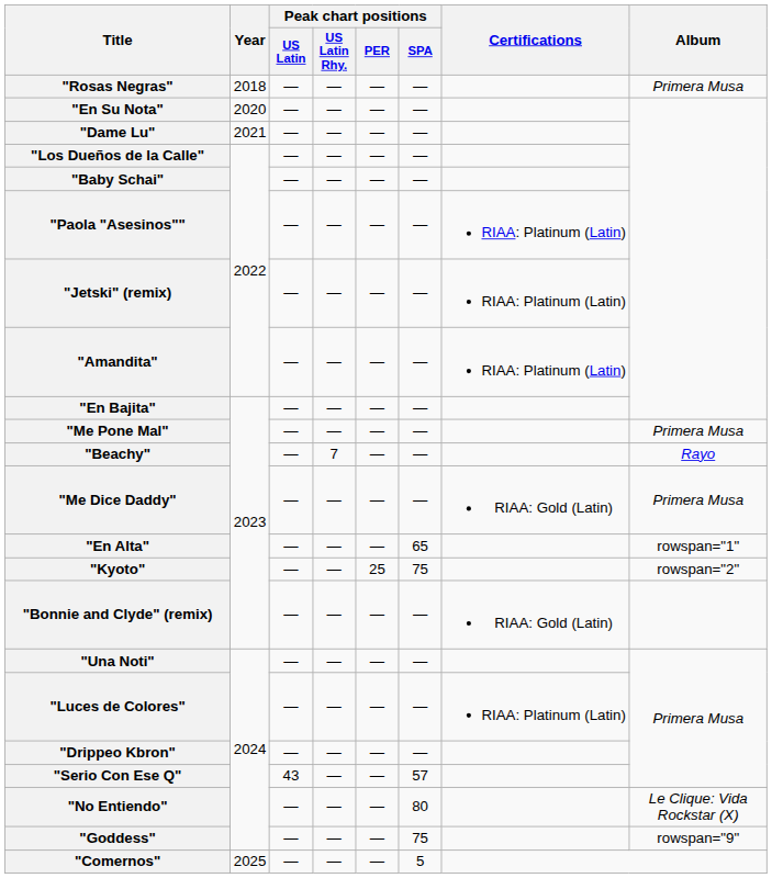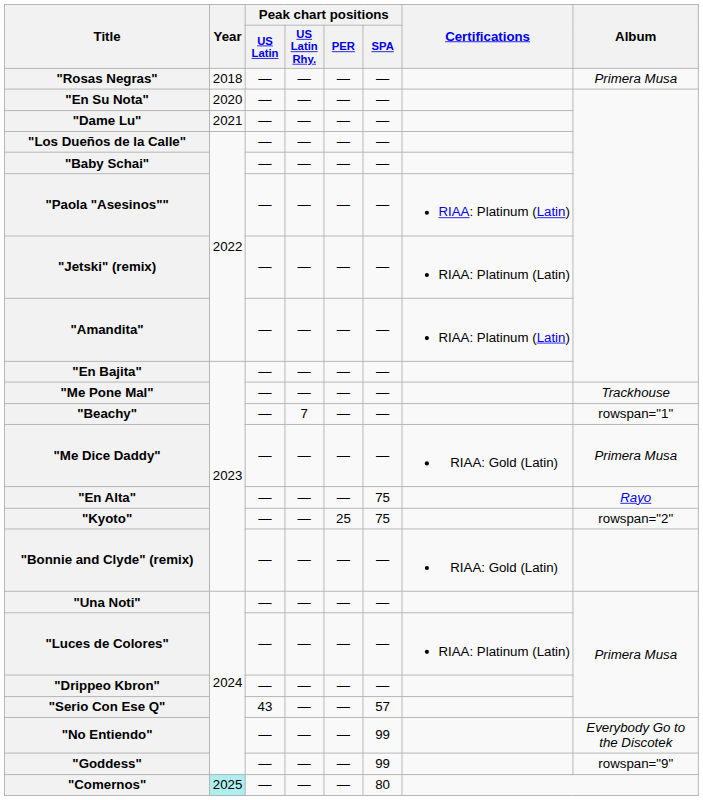 <table class="wikitable plainrowheaders" style="text-align:center;">
 <tr>
 <th scope="col" rowspan="2" style="width:15em;">Title</th>
 <th scope="col" rowspan="2" style="width:1em;">Year</th>
 <th colspan="4" scope="col">Peak chart positions</th>
 <th scope="col" rowspan="2"><a href='#'>Certifications</a></th>
 <th scope="col" rowspan="2" style="width:9em;">Album</th>
 </tr>
 <tr>
 <th scope="col" style="width:3em;font-size:85%;"><a href='#'>US<br>Latin</a><br></th>
 <th scope="col" style="width:3em;font-size:85%;"><a href='#'>US<br>Latin<br>Rhy.</a><br></th>
 <th scope="col" style="width:3em;font-size:85%;"><a href='#'>PER</a><br></th>
 <th scope="col" style="width:3em;font-size:85%;"><a href='#'>SPA</a><br></th>
 </tr>
 <tr>
 <th scope="row">"Rosas Negras"</th>
 <td rowspan="1">2018</td>
 <td>—</td>
 <td>—</td>
 <td>—</td>
 <td>—</td>
 <td></td>
 <td><em>Primera Musa</em></td>
 </tr>
 <tr>
 <th scope="row">"En Su Nota"<br></th>
 <td rowspan="1">2020</td>
 <td>—</td>
 <td>—</td>
 <td>—</td>
 <td>—</td>
 <td></td>
 </tr>
 <tr>
 <th scope="row">"Dame Lu"<br></th>
 <td rowspan="1">2021</td>
 <td>—</td>
 <td>—</td>
 <td>—</td>
 <td>—</td>
 <td></td>
 </tr>
 <tr>
 <th scope="row">"Los Dueños de la Calle"<br></th>
 <td rowspan="5">2022</td>
 <td>—</td>
 <td>—</td>
 <td>—</td>
 <td>—</td>
 <td></td>
 </tr>
 <tr>
 <th scope="row">"Baby Schai"<br></th>
 <td>—</td>
 <td>—</td>
 <td>—</td>
 <td>—</td>
 <td></td>
 </tr>
 <tr>
 <th scope="row">"Paola "Asesinos""</th>
 <td>—</td>
 <td>—</td>
 <td>—</td>
 <td>—</td>
 <td><br><ul><li><a href='#'>RIAA</a>: Platinum <span>(<a href='#'>Latin</a>)</span></li></ul></td>
 </tr>
 <tr>
 <th scope="row">"Jetski" (remix)<br></th>
 <td>—</td>
 <td>—</td>
 <td>—</td>
 <td>—</td>
 <td><br><ul><li>RIAA: Platinum <span>(Latin)</span></li></ul></td>
 </tr>
 <tr>
 <th scope="row">"Amandita"<br></th>
 <td>—</td>
 <td>—</td>
 <td>—</td>
 <td>—</td>
 <td><br><ul><li>RIAA: Platinum <span>(<a href='#'>Latin</a>)</span></li></ul></td>
 </tr>
 <tr>
 <th scope="row">"En Bajita"<br></th>
 <td rowspan="7">2023</td>
 <td>—</td>
 <td>—</td>
 <td>—</td>
 <td>—</td>
 <td></td>
 </tr>
 <tr>
 <th scope="row">"Me Pone Mal"<br></th>
 <td>—</td>
 <td>—</td>
 <td>—</td>
 <td>—</td>
 <td></td>
-<td><em>Primera Musa</em></td>
+<td><em>Trackhouse</em></td>
 </tr>
 <tr>
 <th scope="row">"Beachy"<br></th>
 <td>—</td>
 <td>7</td>
 <td>—</td>
 <td>—</td>
 <td></td>
-<td><em><a href='#'>Rayo</a></em></td>
+<td>rowspan="1" </td>
 </tr>
 <tr>
 <th scope="row">"Me Dice Daddy"<br></th>
 <td>—</td>
 <td>—</td>
 <td>—</td>
 <td>—</td>
 <td><br><ul><li>RIAA: Gold <span>(Latin)</span></li></ul></td>
 <td><em>Primera Musa</em></td>
 </tr>
 <tr>
 <th scope="row">"En Alta"<br></th>
 <td>—</td>
 <td>—</td>
 <td>—</td>
-<td>65</td>
+<td>75</td>
 <td></td>
-<td>rowspan="1" </td>
+<td><em><a href='#'>Rayo</a></em></td>
 </tr>
 <tr>
 <th scope="row">"Kyoto"<br></th>
 <td>—</td>
 <td>—</td>
 <td>25</td>
 <td>75</td>
 <td></td>
 <td>rowspan="2" </td>
 </tr>
 <tr>
 <th scope="row">"Bonnie and Clyde" (remix)<br></th>
 <td>—</td>
 <td>—</td>
 <td>—</td>
 <td>—</td>
 <td><br><ul><li>RIAA: Gold <span>(Latin)</span></li></ul></td>
 </tr>
 <tr>
 <th scope="row">"Una Noti"</th>
 <td rowspan="6">2024</td>
 <td>—</td>
 <td>—</td>
 <td>—</td>
 <td>—</td>
 <td></td>
 <td rowspan="4"><em>Primera Musa</em></td>
 </tr>
 <tr>
 <th scope="row">"Luces de Colores"</th>
 <td>—</td>
 <td>—</td>
 <td>—</td>
 <td>—</td>
 <td><br><ul><li>RIAA: Platinum <span>(Latin)</span></li></ul></td>
 </tr>
 <tr>
 <th scope="row">"Drippeo Kbron"<br></th>
 <td>—</td>
 <td>—</td>
 <td>—</td>
 <td>—</td>
 <td></td>
 </tr>
 <tr>
 <th scope="row">"Serio Con Ese Q"<br></th>
 <td>43</td>
 <td>—</td>
 <td>—</td>
 <td>57</td>
 <td></td>
 </tr>
 <tr>
 <th scope="row">"No Entiendo"<br></th>
 <td>—</td>
 <td>—</td>
 <td>—</td>
-<td>80</td>
+<td>99</td>
 <td></td>
-<td><em>Le Clique: Vida Rockstar (X)</em></td>
+<td><em>Everybody Go to the Discotek</em></td>
 </tr>
 <tr>
 <th scope="row">"Goddess"</th>
 <td>—</td>
 <td>—</td>
 <td>—</td>
-<td>75</td>
+<td>99</td>
 <td></td>
 <td>rowspan="9" </td>
 </tr>
 <tr>
 <th scope="row">"Comernos"</th>
-<td>2025</td>
+<td style="background: paleturquoise;">2025</td>
 <td>—</td>
 <td>—</td>
 <td>—</td>
-<td>5</td>
+<td>80</td>
 </tr>
 </table>
